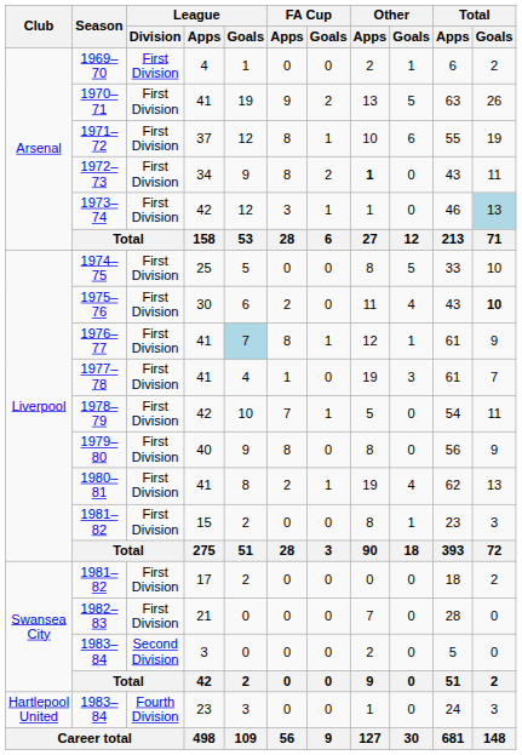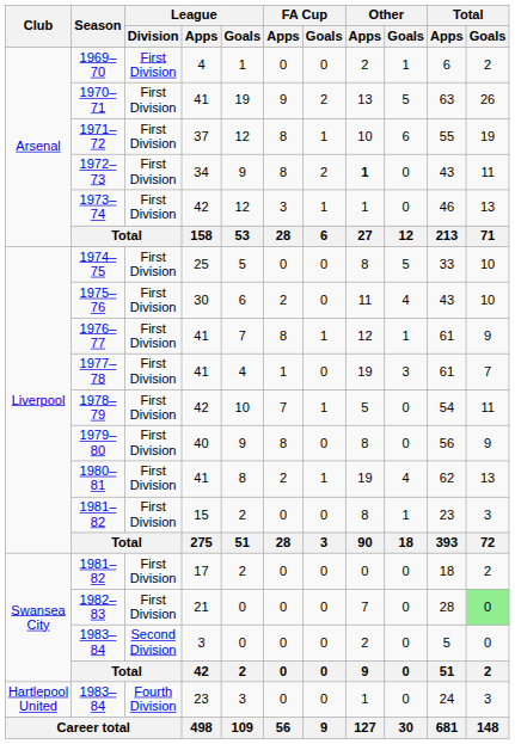 <table class="wikitable" style="text-align:center">
 <tr>
 <th rowspan="2">Club</th>
 <th rowspan="2">Season</th>
 <th colspan="3">League</th>
 <th colspan="2">FA Cup</th>
 <th colspan="2">Other</th>
 <th colspan="2">Total</th>
 </tr>
 <tr>
 <th>Division</th>
 <th>Apps</th>
 <th>Goals</th>
 <th>Apps</th>
 <th>Goals</th>
 <th>Apps</th>
 <th>Goals</th>
 <th>Apps</th>
 <th>Goals</th>
 </tr>
 <tr>
 <td rowspan="6"><a href='#'>Arsenal</a></td>
 <td><a href='#'>1969–70</a></td>
 <td><a href='#'>First Division</a></td>
 <td>4</td>
 <td>1</td>
 <td>0</td>
 <td>0</td>
 <td>2</td>
 <td>1</td>
 <td>6</td>
 <td>2</td>
 </tr>
 <tr>
 <td><a href='#'>1970–71</a></td>
 <td>First Division</td>
 <td>41</td>
 <td>19</td>
 <td>9</td>
 <td>2</td>
 <td>13</td>
 <td>5</td>
 <td>63</td>
 <td>26</td>
 </tr>
 <tr>
 <td><a href='#'>1971–72</a></td>
 <td>First Division</td>
 <td>37</td>
 <td>12</td>
 <td>8</td>
 <td>1</td>
 <td>10</td>
 <td>6</td>
 <td>55</td>
 <td>19</td>
 </tr>
 <tr>
 <td><a href='#'>1972–73</a></td>
 <td>First Division</td>
 <td>34</td>
 <td>9</td>
 <td>8</td>
 <td>2</td>
 <td><strong>1</strong></td>
 <td>0</td>
 <td>43</td>
 <td>11</td>
 </tr>
 <tr>
 <td><a href='#'>1973–74</a></td>
 <td>First Division</td>
 <td>42</td>
 <td>12</td>
 <td>3</td>
 <td>1</td>
 <td>1</td>
 <td>0</td>
 <td>46</td>
-<td style="background: lightblue;">13</td>
+<td>13</td>
 </tr>
 <tr>
 <th colspan="2">Total</th>
 <th>158</th>
 <th>53</th>
 <th>28</th>
 <th>6</th>
 <th>27</th>
 <th>12</th>
 <th>213</th>
 <th>71</th>
 </tr>
 <tr>
 <td rowspan="9"><a href='#'>Liverpool</a></td>
 <td><a href='#'>1974–75</a></td>
 <td>First Division</td>
 <td>25</td>
 <td>5</td>
 <td>0</td>
 <td>0</td>
 <td>8</td>
 <td>5</td>
 <td>33</td>
 <td>10</td>
 </tr>
 <tr>
 <td><a href='#'>1975–76</a></td>
 <td>First Division</td>
 <td>30</td>
 <td>6</td>
 <td>2</td>
 <td>0</td>
 <td>11</td>
 <td>4</td>
 <td>43</td>
-<td><strong>10</strong></td>
+<td>10</td>
 </tr>
 <tr>
 <td><a href='#'>1976–77</a></td>
 <td>First Division</td>
 <td>41</td>
-<td style="background: lightblue;">7</td>
+<td>7</td>
 <td>8</td>
 <td>1</td>
 <td>12</td>
 <td>1</td>
 <td>61</td>
 <td>9</td>
 </tr>
 <tr>
 <td><a href='#'>1977–78</a></td>
 <td>First Division</td>
 <td>41</td>
 <td>4</td>
 <td>1</td>
 <td>0</td>
 <td>19</td>
 <td>3</td>
 <td>61</td>
 <td>7</td>
 </tr>
 <tr>
 <td><a href='#'>1978–79</a></td>
 <td>First Division</td>
 <td>42</td>
 <td>10</td>
 <td>7</td>
 <td>1</td>
 <td>5</td>
 <td>0</td>
 <td>54</td>
 <td>11</td>
 </tr>
 <tr>
 <td><a href='#'>1979–80</a></td>
 <td>First Division</td>
 <td>40</td>
 <td>9</td>
 <td>8</td>
 <td>0</td>
 <td>8</td>
 <td>0</td>
 <td>56</td>
 <td>9</td>
 </tr>
 <tr>
 <td><a href='#'>1980–81</a></td>
 <td>First Division</td>
 <td>41</td>
 <td>8</td>
 <td>2</td>
 <td>1</td>
 <td>19</td>
 <td>4</td>
 <td>62</td>
 <td>13</td>
 </tr>
 <tr>
 <td><a href='#'>1981–82</a></td>
 <td>First Division</td>
 <td>15</td>
 <td>2</td>
 <td>0</td>
 <td>0</td>
 <td>8</td>
 <td>1</td>
 <td>23</td>
 <td>3</td>
 </tr>
 <tr>
 <th colspan="2">Total</th>
 <th>275</th>
 <th>51</th>
 <th>28</th>
 <th>3</th>
 <th>90</th>
 <th>18</th>
 <th>393</th>
 <th>72</th>
 </tr>
 <tr>
 <td rowspan="4"><a href='#'>Swansea City</a></td>
 <td><a href='#'>1981–82</a></td>
 <td>First Division</td>
 <td>17</td>
 <td>2</td>
 <td>0</td>
 <td>0</td>
 <td>0</td>
 <td>0</td>
 <td>18</td>
 <td>2</td>
 </tr>
 <tr>
 <td><a href='#'>1982–83</a></td>
 <td>First Division</td>
 <td>21</td>
 <td>0</td>
 <td>0</td>
 <td>0</td>
 <td>7</td>
 <td>0</td>
 <td>28</td>
-<td>0</td>
+<td style="background: lightgreen;">0</td>
 </tr>
 <tr>
 <td><a href='#'>1983–84</a></td>
 <td><a href='#'>Second Division</a></td>
 <td>3</td>
 <td>0</td>
 <td>0</td>
 <td>0</td>
 <td>2</td>
 <td>0</td>
 <td>5</td>
 <td>0</td>
 </tr>
 <tr>
 <th colspan="2">Total</th>
 <th>42</th>
 <th>2</th>
 <th>0</th>
 <th>0</th>
 <th>9</th>
 <th>0</th>
 <th>51</th>
 <th>2</th>
 </tr>
 <tr>
 <td><a href='#'>Hartlepool United</a></td>
 <td><a href='#'>1983–84</a></td>
 <td><a href='#'>Fourth Division</a></td>
 <td>23</td>
 <td>3</td>
 <td>0</td>
 <td>0</td>
 <td>1</td>
 <td>0</td>
 <td>24</td>
 <td>3</td>
 </tr>
 <tr>
 <th colspan="3">Career total</th>
 <th>498</th>
 <th>109</th>
 <th>56</th>
 <th>9</th>
 <th>127</th>
 <th>30</th>
 <th>681</th>
 <th>148</th>
 </tr>
 </table>
